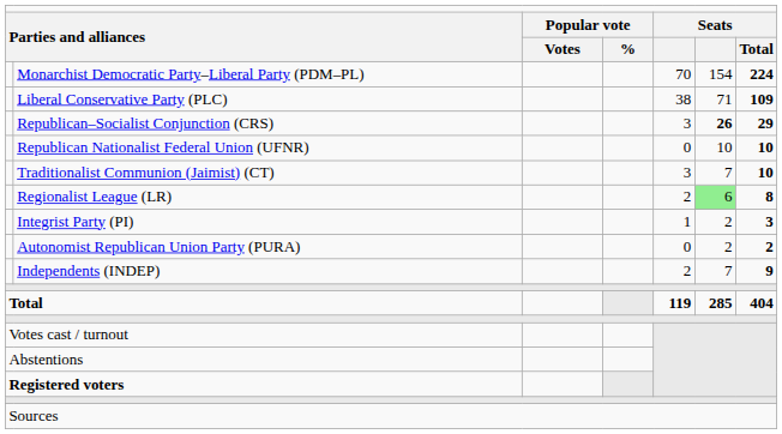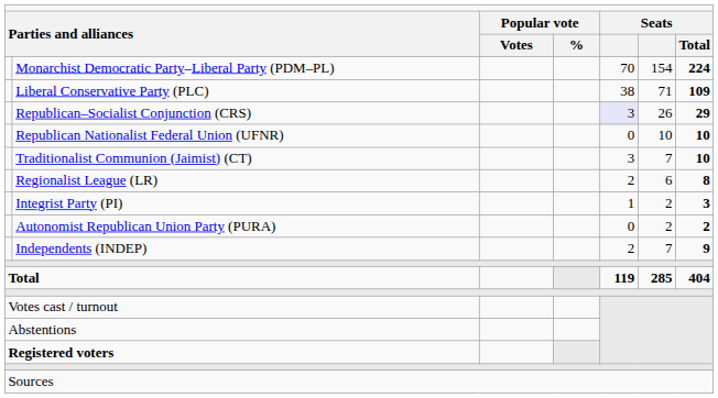 <table class="wikitable" style="text-align:right;">
 <tr>
 <td colspan="7"></td>
 </tr>
 <tr>
 <th style="text-align:left;" rowspan="2" colspan="2" width="525">Parties and alliances</th>
 <th colspan="2">Popular vote</th>
 <th colspan="3">Seats</th>
 </tr>
 <tr>
 <th width="75">Votes</th>
 <th width="45">%</th>
 <th width="35"></th>
 <th width="35"></th>
 <th width="35">Total</th>
 </tr>
 <tr>
 <td width="1" style="color:inherit;background:"></td>
 <td align="left"><a href='#'>Monarchist Democratic Party</a>–<a href='#'>Liberal Party</a> (PDM–PL)</td>
 <td></td>
 <td></td>
 <td>70</td>
 <td>154</td>
 <td><strong>224</strong></td>
 </tr>
 <tr>
 <td style="color:inherit;background:"></td>
 <td align="left"><a href='#'>Liberal Conservative Party</a> (PLC)</td>
 <td></td>
 <td></td>
 <td>38</td>
 <td>71</td>
 <td><strong>109</strong></td>
 </tr>
 <tr>
 <td style="color:inherit;background:"></td>
 <td align="left"><a href='#'>Republican–Socialist Conjunction</a> (CRS)</td>
 <td></td>
 <td></td>
-<td>3</td>
-<td><strong>26</strong></td>
+<td style="background: lavender;">3</td>
+<td>26</td>
 <td><strong>29</strong></td>
 </tr>
 <tr>
 <td style="color:inherit;background:"></td>
 <td align="left"><a href='#'>Republican Nationalist Federal Union</a> (UFNR)</td>
 <td></td>
 <td></td>
 <td>0</td>
 <td>10</td>
 <td><strong>10</strong></td>
 </tr>
 <tr>
 <td style="color:inherit;background:"></td>
 <td align="left"><a href='#'>Traditionalist Communion (Jaimist)</a> (CT)</td>
 <td></td>
 <td></td>
 <td>3</td>
 <td>7</td>
 <td><strong>10</strong></td>
 </tr>
 <tr>
 <td style="color:inherit;background:"></td>
 <td align="left"><a href='#'>Regionalist League</a> (LR)</td>
 <td></td>
 <td></td>
 <td>2</td>
-<td style="background: lightgreen;">6</td>
+<td>6</td>
 <td><strong>8</strong></td>
 </tr>
 <tr>
 <td style="color:inherit;background:"></td>
 <td align="left"><a href='#'>Integrist Party</a> (PI)</td>
 <td></td>
 <td></td>
 <td>1</td>
 <td>2</td>
 <td><strong>3</strong></td>
 </tr>
 <tr>
 <td style="color:inherit;background:"></td>
 <td align="left"><a href='#'>Autonomist Republican Union Party</a> (PURA)</td>
 <td></td>
 <td></td>
 <td>0</td>
 <td>2</td>
 <td><strong>2</strong></td>
 </tr>
 <tr>
 <td style="color:inherit;background:"></td>
 <td align="left"><a href='#'>Independents</a> (INDEP)</td>
 <td></td>
 <td></td>
 <td>2</td>
 <td>7</td>
 <td><strong>9</strong></td>
 </tr>
 <tr>
 <td colspan="7" bgcolor="#E9E9E9"></td>
 </tr>
 <tr style="font-weight:bold;">
 <td align="left" colspan="2">Total</td>
 <td></td>
 <td bgcolor="#E9E9E9"></td>
 <td>119</td>
 <td>285</td>
 <td>404</td>
 </tr>
 <tr>
 <td colspan="7" bgcolor="#E9E9E9"></td>
 </tr>
 <tr>
 <td align="left" colspan="2">Votes cast / turnout</td>
 <td></td>
 <td></td>
 <td bgcolor="#E9E9E9" colspan="3" rowspan="3"></td>
 </tr>
 <tr>
 <td align="left" colspan="2">Abstentions</td>
 <td></td>
 <td></td>
 </tr>
 <tr style="font-weight:bold;">
 <td align="left" colspan="2">Registered voters</td>
 <td></td>
 <td bgcolor="#E9E9E9"></td>
 </tr>
 <tr>
 <td colspan="7" bgcolor="#E9E9E9"></td>
 </tr>
 <tr>
 <td align="left" colspan="7">Sources</td>
 </tr>
 </table>
